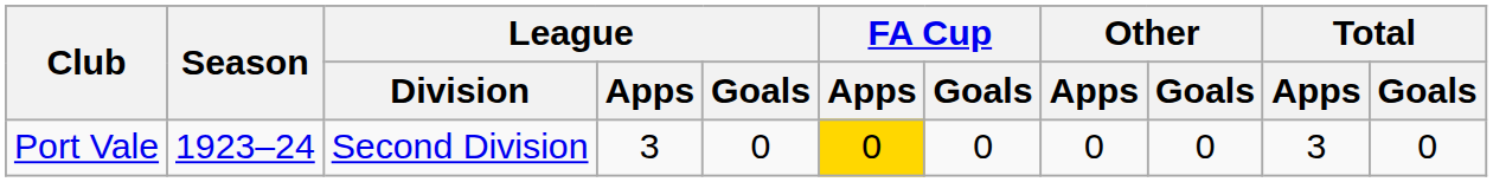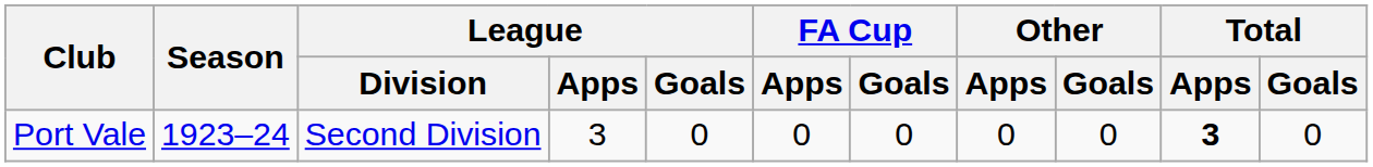 <table class="wikitable" style="text-align:center">
 <tr>
 <th rowspan="2">Club</th>
 <th rowspan="2">Season</th>
 <th colspan="3">League</th>
 <th colspan="2"><a href='#'>FA Cup</a></th>
 <th colspan="2">Other</th>
 <th colspan="2">Total</th>
 </tr>
 <tr>
 <th>Division</th>
 <th>Apps</th>
 <th>Goals</th>
 <th>Apps</th>
 <th>Goals</th>
 <th>Apps</th>
 <th>Goals</th>
 <th>Apps</th>
 <th>Goals</th>
 </tr>
 <tr>
 <td><a href='#'>Port Vale</a></td>
 <td><a href='#'>1923–24</a></td>
 <td><a href='#'>Second Division</a></td>
 <td>3</td>
 <td>0</td>
-<td style="background: gold;">0</td>
 <td>0</td>
 <td>0</td>
 <td>0</td>
-<td>3</td>
+<td>0</td>
+<td><strong>3</strong></td>
 <td>0</td>
 </tr>
 </table>
